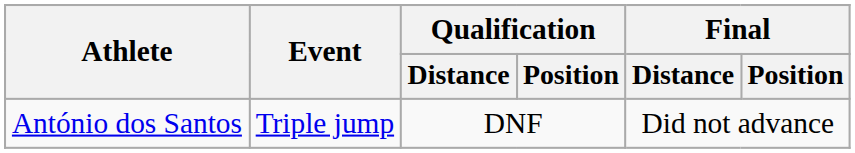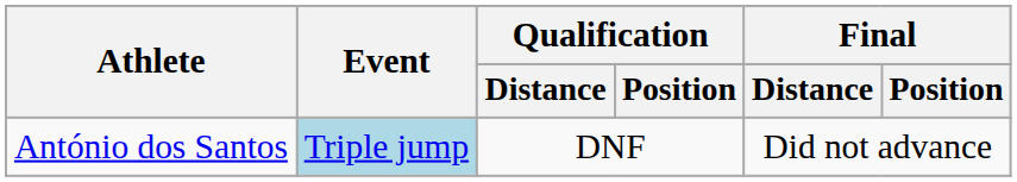 <table class=wikitable style="font-size:90%">
 <tr>
 <th rowspan="2">Athlete</th>
 <th rowspan="2">Event</th>
 <th colspan="2">Qualification</th>
 <th colspan="2">Final</th>
 </tr>
 <tr style="font-size:95%">
 <th>Distance</th>
 <th>Position</th>
 <th>Distance</th>
 <th>Position</th>
 </tr>
 <tr align=center>
 <td align=left><a href='#'>António dos Santos</a></td>
-<td align=left><a href='#'>Triple jump</a></td>
+<td align=left style="background: lightblue;"><a href='#'>Triple jump</a></td>
 <td colspan=2>DNF</td>
 <td colspan=2>Did not advance</td>
 </tr>
 </table>
